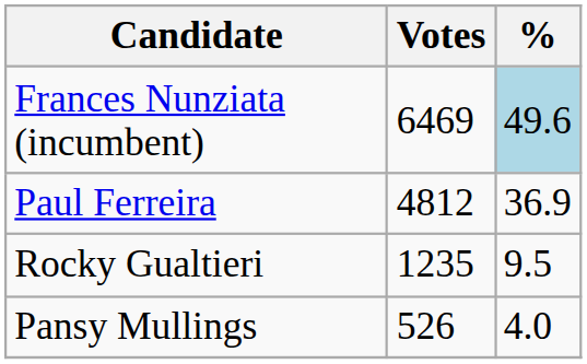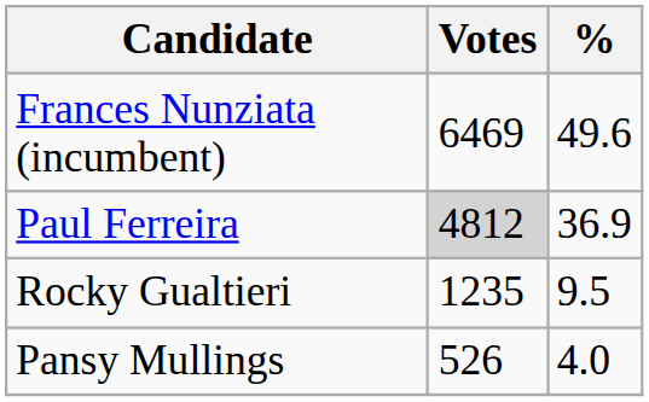 <table class="wikitable">
 <tr>
 <th bgcolor="#DDDDFF" width="150px">Candidate</th>
 <th bgcolor="#DDDDFF">Votes</th>
 <th bgcolor="#DDDDFF">%</th>
 </tr>
 <tr>
 <td><a href='#'>Frances Nunziata</a> (incumbent)</td>
 <td>6469</td>
-<td style="background: lightblue;">49.6</td>
+<td>49.6</td>
 </tr>
 <tr>
 <td><a href='#'>Paul Ferreira</a></td>
-<td>4812</td>
+<td style="background: lightgrey;">4812</td>
 <td>36.9</td>
 </tr>
 <tr>
 <td>Rocky Gualtieri</td>
 <td>1235</td>
 <td>9.5</td>
 </tr>
 <tr>
 <td>Pansy Mullings</td>
 <td>526</td>
 <td>4.0</td>
 </tr>
 <tr>
 </tr>
 </table>
